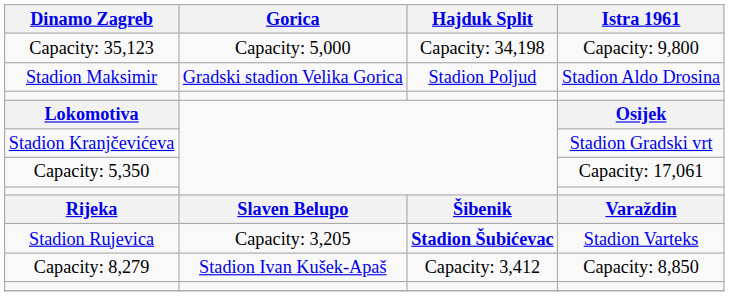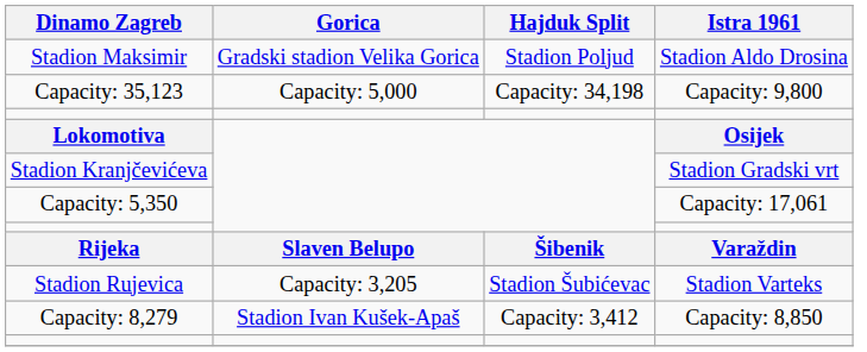 <table class="wikitable" style="text-align:center;">
 <tr>
 <th><a href='#'>Dinamo Zagreb</a></th>
 <th><a href='#'>Gorica</a></th>
 <th><a href='#'>Hajduk Split</a></th>
 <th><a href='#'>Istra 1961</a></th>
 </tr>
 <tr>
+<td><a href='#'>Stadion Maksimir</a></td>
+<td><a href='#'>Gradski stadion Velika Gorica</a></td>
+<td><a href='#'>Stadion Poljud</a></td>
+<td><a href='#'>Stadion Aldo Drosina</a></td>
+</tr>
+<tr>
 <td>Capacity: 35,123</td>
 <td>Capacity: 5,000</td>
 <td>Capacity: 34,198</td>
 <td>Capacity: 9,800</td>
-</tr>
-<tr>
-<td><a href='#'>Stadion Maksimir</a></td>
-<td><a href='#'>Gradski stadion Velika Gorica</a></td>
-<td><a href='#'>Stadion Poljud</a></td>
-<td><a href='#'>Stadion Aldo Drosina</a></td>
 </tr>
 <tr>
 <td></td>
 <td></td>
 <td></td>
 <td></td>
 </tr>
 <tr>
 <th><a href='#'>Lokomotiva</a></th>
 <td colspan="2" rowspan="4"><br> </td>
 <th><a href='#'>Osijek</a></th>
 </tr>
 <tr>
 <td><a href='#'>Stadion Kranjčevićeva</a></td>
 <td><a href='#'>Stadion Gradski vrt</a></td>
 </tr>
 <tr>
 <td>Capacity: 5,350</td>
 <td>Capacity: 17,061</td>
 </tr>
 <tr>
 <td></td>
 <td></td>
 </tr>
 <tr>
 <th><a href='#'>Rijeka</a></th>
 <th><a href='#'>Slaven Belupo</a></th>
 <th><a href='#'>Šibenik</a></th>
 <th><a href='#'>Varaždin</a></th>
 </tr>
 <tr>
 <td><a href='#'>Stadion Rujevica</a></td>
 <td>Capacity: 3,205</td>
-<td><strong><a href='#'>Stadion Šubićevac</a></strong></td>
+<td><a href='#'>Stadion Šubićevac</a></td>
 <td><a href='#'>Stadion Varteks</a></td>
 </tr>
 <tr>
 <td>Capacity: 8,279</td>
 <td><a href='#'>Stadion Ivan Kušek-Apaš</a></td>
 <td>Capacity: 3,412</td>
 <td>Capacity: 8,850</td>
 </tr>
 <tr>
 <td></td>
 <td></td>
 <td></td>
 <td></td>
 </tr>
 <tr>
 </tr>
 </table>
